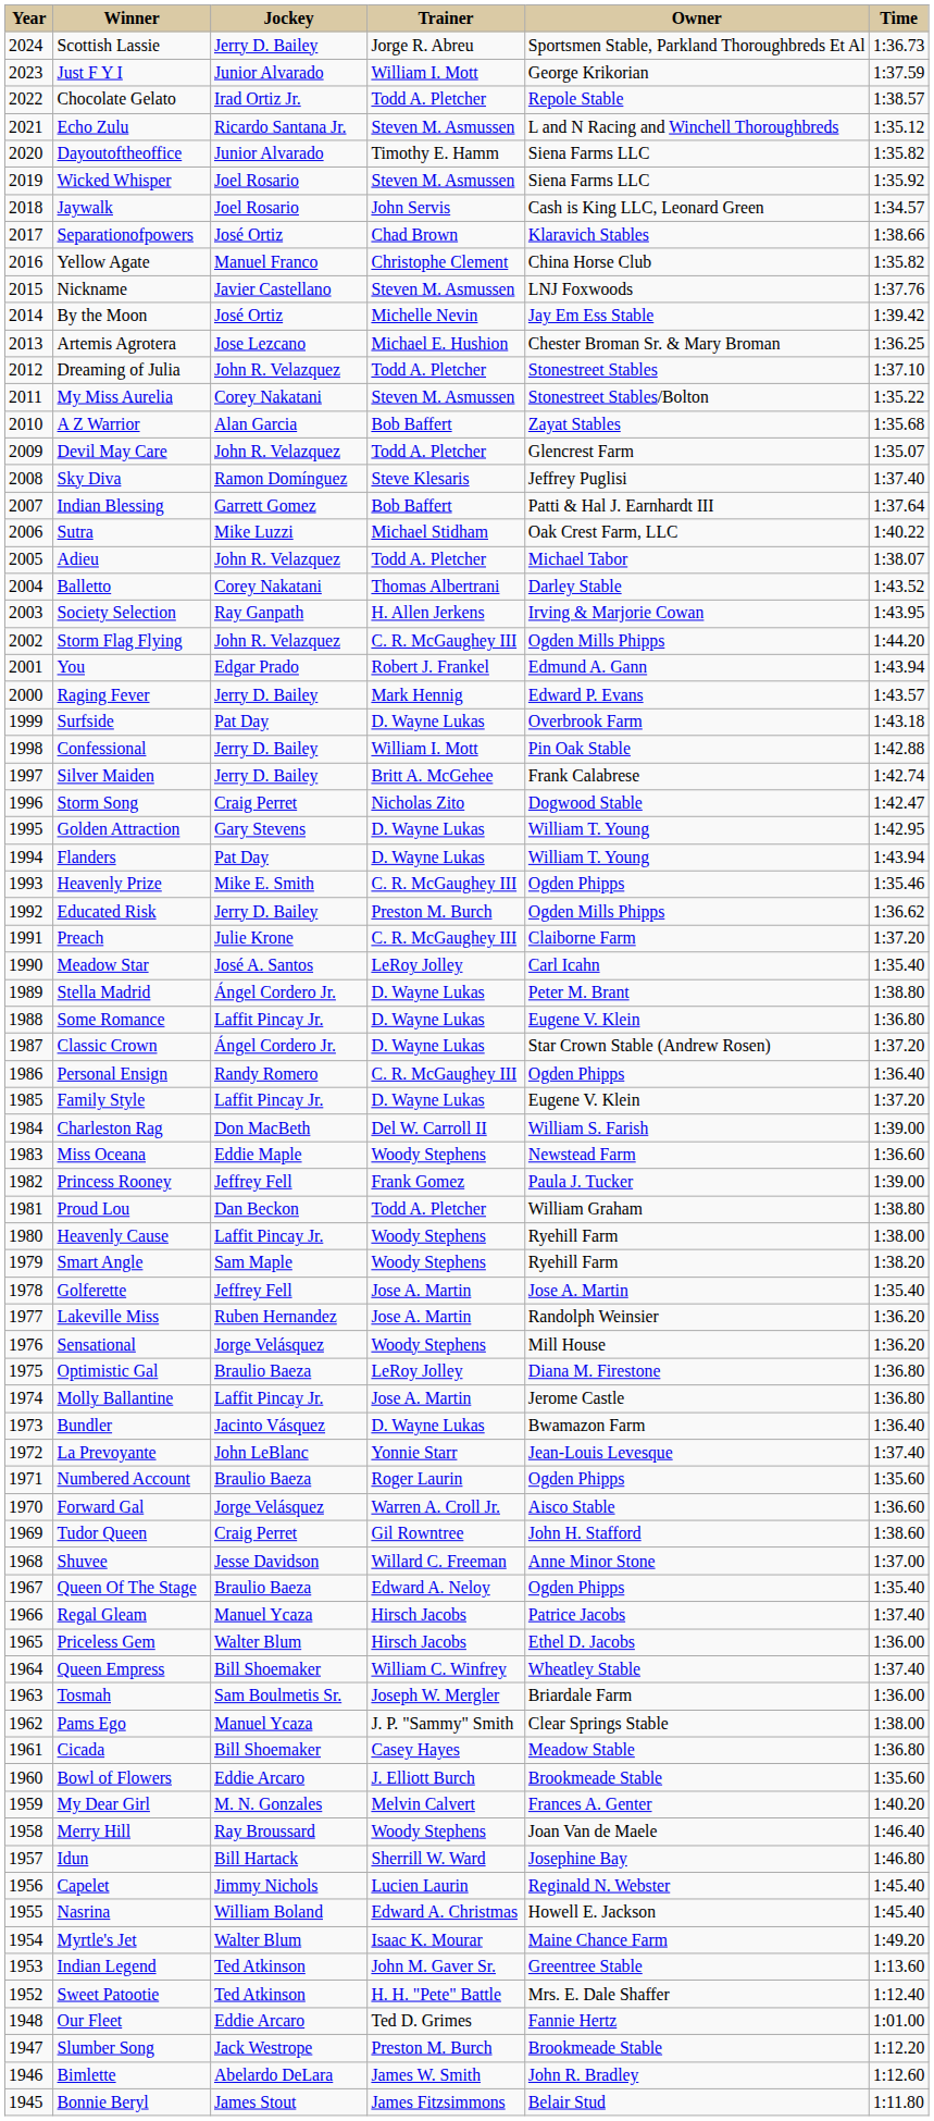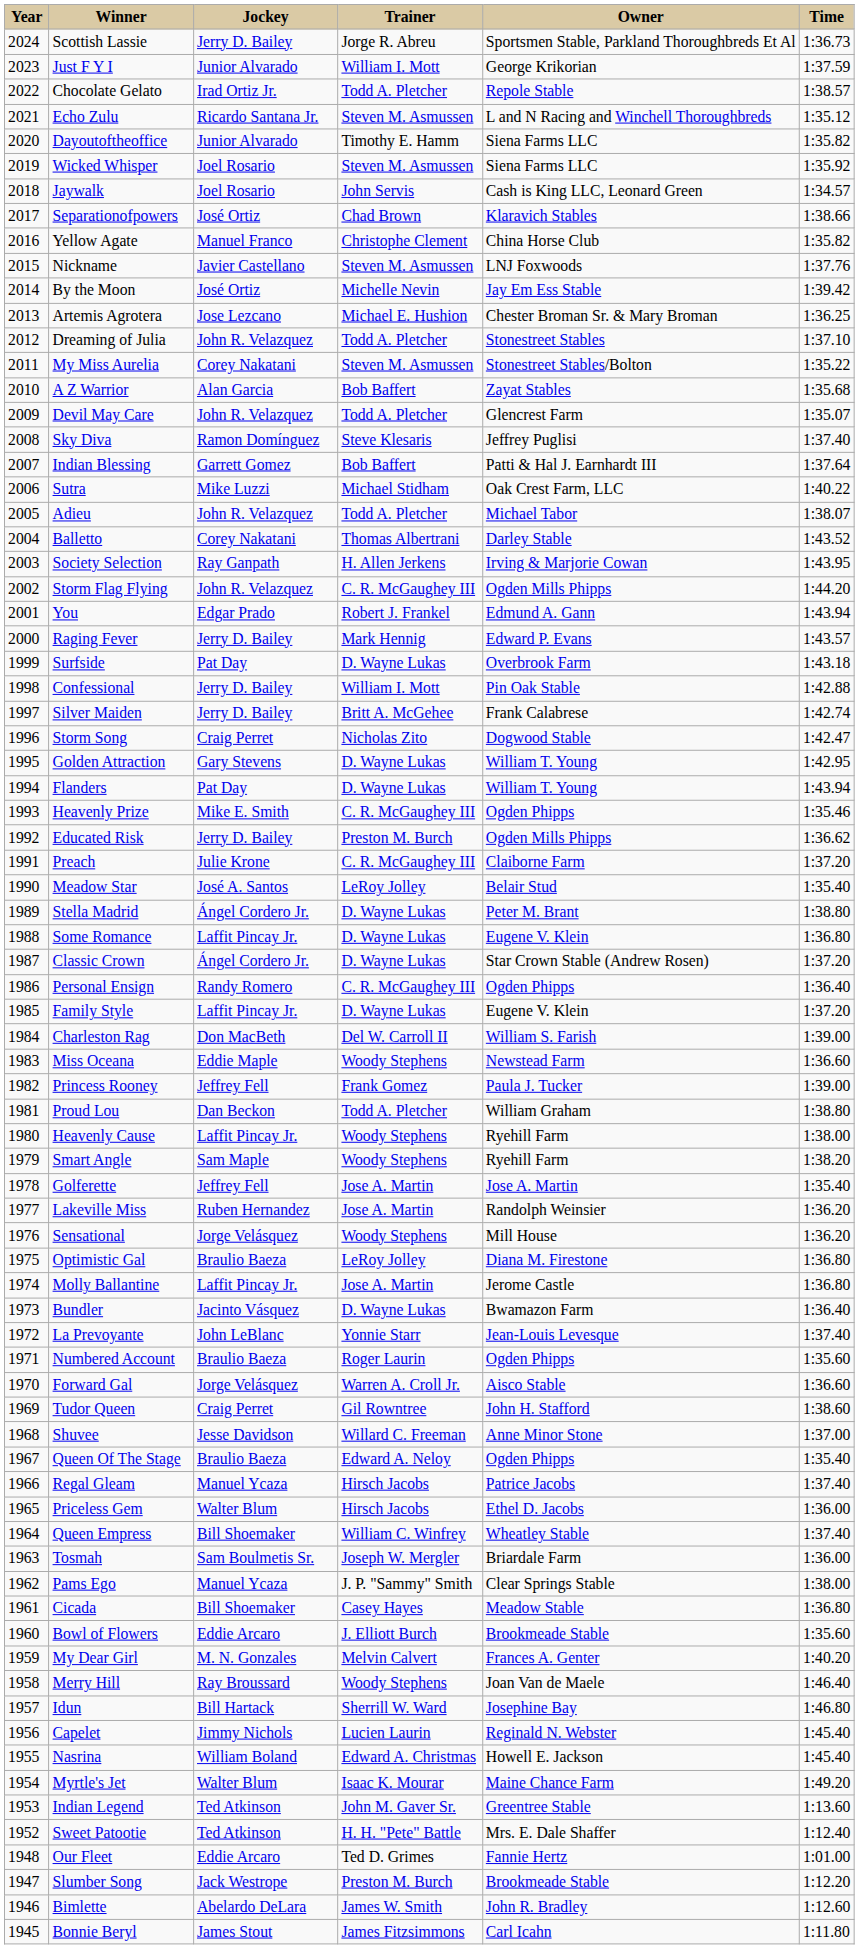 <table class="wikitable sortable">
 <tr>
 <th style="background-color:#DACAA5; width:38px">Year</th>
 <th style="background-color:#DACAA5; width:140px">Winner</th>
 <th style="background-color:#DACAA5; width:140px">Jockey</th>
 <th style="background-color:#DACAA5; width:140px">Trainer</th>
 <th style="background-color:#DACAA5;">Owner</th>
 <th style="background-color:#DACAA5; width:25px">Time</th>
 </tr>
 <tr>
 <td>2024</td>
 <td>Scottish Lassie</td>
 <td><a href='#'>Jerry D. Bailey</a></td>
 <td>Jorge R. Abreu</td>
 <td>Sportsmen Stable, Parkland Thoroughbreds Et Al</td>
 <td>1:36.73</td>
 </tr>
 <tr>
 <td>2023</td>
 <td><a href='#'>Just F Y I</a></td>
 <td><a href='#'>Junior Alvarado</a></td>
 <td><a href='#'>William I. Mott</a></td>
 <td>George Krikorian</td>
 <td>1:37.59</td>
 </tr>
 <tr>
 <td>2022</td>
 <td>Chocolate Gelato</td>
 <td><a href='#'>Irad Ortiz Jr.</a></td>
 <td><a href='#'>Todd A. Pletcher</a></td>
 <td><a href='#'>Repole Stable</a></td>
 <td>1:38.57</td>
 </tr>
 <tr>
 <td>2021</td>
 <td><a href='#'>Echo Zulu</a></td>
 <td><a href='#'>Ricardo Santana Jr.</a></td>
 <td><a href='#'>Steven M. Asmussen</a></td>
 <td>L and N Racing and <a href='#'>Winchell Thoroughbreds</a></td>
 <td>1:35.12</td>
 </tr>
 <tr>
 <td>2020</td>
 <td><a href='#'>Dayoutoftheoffice</a></td>
 <td><a href='#'>Junior Alvarado</a></td>
 <td>Timothy E. Hamm</td>
 <td>Siena Farms LLC</td>
 <td>1:35.82</td>
 </tr>
 <tr>
 <td>2019</td>
 <td><a href='#'>Wicked Whisper</a></td>
 <td><a href='#'>Joel Rosario</a></td>
 <td><a href='#'>Steven M. Asmussen</a></td>
 <td>Siena Farms LLC</td>
 <td>1:35.92</td>
 </tr>
 <tr>
 <td>2018</td>
 <td><a href='#'>Jaywalk</a></td>
 <td><a href='#'>Joel Rosario</a></td>
 <td><a href='#'>John Servis</a></td>
 <td>Cash is King LLC, Leonard Green</td>
 <td>1:34.57</td>
 </tr>
 <tr>
 <td>2017</td>
 <td><a href='#'>Separationofpowers</a></td>
 <td><a href='#'>José Ortiz</a></td>
 <td><a href='#'>Chad Brown</a></td>
 <td><a href='#'>Klaravich Stables</a></td>
 <td>1:38.66</td>
 </tr>
 <tr>
 <td>2016</td>
 <td>Yellow Agate</td>
 <td><a href='#'>Manuel Franco</a></td>
 <td><a href='#'>Christophe Clement</a></td>
 <td>China Horse Club</td>
 <td>1:35.82</td>
 </tr>
 <tr>
 <td>2015</td>
 <td>Nickname</td>
 <td><a href='#'>Javier Castellano</a></td>
 <td><a href='#'>Steven M. Asmussen</a></td>
 <td>LNJ Foxwoods</td>
 <td>1:37.76</td>
 </tr>
 <tr>
 <td>2014</td>
 <td>By the Moon</td>
 <td><a href='#'>José Ortiz</a></td>
 <td><a href='#'>Michelle Nevin</a></td>
 <td><a href='#'>Jay Em Ess Stable</a></td>
 <td>1:39.42</td>
 </tr>
 <tr>
 <td>2013</td>
 <td>Artemis Agrotera</td>
 <td><a href='#'>Jose Lezcano</a></td>
 <td><a href='#'>Michael E. Hushion</a></td>
 <td>Chester Broman Sr. & Mary Broman</td>
 <td>1:36.25</td>
 </tr>
 <tr>
 <td>2012</td>
 <td>Dreaming of Julia</td>
 <td><a href='#'>John R. Velazquez</a></td>
 <td><a href='#'>Todd A. Pletcher</a></td>
 <td><a href='#'>Stonestreet Stables</a></td>
 <td>1:37.10</td>
 </tr>
 <tr>
 <td>2011</td>
 <td><a href='#'>My Miss Aurelia</a></td>
 <td><a href='#'>Corey Nakatani</a></td>
 <td><a href='#'>Steven M. Asmussen</a></td>
 <td><a href='#'>Stonestreet Stables</a>/Bolton</td>
 <td>1:35.22</td>
 </tr>
 <tr>
 <td>2010</td>
 <td><a href='#'>A Z Warrior</a></td>
 <td><a href='#'>Alan Garcia</a></td>
 <td><a href='#'>Bob Baffert</a></td>
 <td><a href='#'>Zayat Stables</a></td>
 <td>1:35.68</td>
 </tr>
 <tr>
 <td>2009</td>
 <td><a href='#'>Devil May Care</a></td>
 <td><a href='#'>John R. Velazquez</a></td>
 <td><a href='#'>Todd A. Pletcher</a></td>
 <td>Glencrest Farm</td>
 <td>1:35.07</td>
 </tr>
 <tr>
 <td>2008</td>
 <td><a href='#'>Sky Diva</a></td>
 <td><a href='#'>Ramon Domínguez</a></td>
 <td><a href='#'>Steve Klesaris</a></td>
 <td>Jeffrey Puglisi</td>
 <td>1:37.40</td>
 </tr>
 <tr>
 <td>2007</td>
 <td><a href='#'>Indian Blessing</a></td>
 <td><a href='#'>Garrett Gomez</a></td>
 <td><a href='#'>Bob Baffert</a></td>
 <td>Patti & Hal J. Earnhardt III</td>
 <td>1:37.64</td>
 </tr>
 <tr>
 <td>2006</td>
 <td><a href='#'>Sutra</a></td>
 <td><a href='#'>Mike Luzzi</a></td>
 <td><a href='#'>Michael Stidham</a></td>
 <td>Oak Crest Farm, LLC</td>
 <td>1:40.22</td>
 </tr>
 <tr>
 <td>2005</td>
 <td><a href='#'>Adieu</a></td>
 <td><a href='#'>John R. Velazquez</a></td>
 <td><a href='#'>Todd A. Pletcher</a></td>
 <td><a href='#'>Michael Tabor</a></td>
 <td>1:38.07</td>
 </tr>
 <tr>
 <td>2004</td>
 <td><a href='#'>Balletto</a></td>
 <td><a href='#'>Corey Nakatani</a></td>
 <td><a href='#'>Thomas Albertrani</a></td>
 <td><a href='#'>Darley Stable</a></td>
 <td>1:43.52</td>
 </tr>
 <tr>
 <td>2003</td>
 <td><a href='#'>Society Selection</a></td>
 <td><a href='#'>Ray Ganpath</a></td>
 <td><a href='#'>H. Allen Jerkens</a></td>
 <td><a href='#'>Irving & Marjorie Cowan</a></td>
 <td>1:43.95</td>
 </tr>
 <tr>
 <td>2002</td>
 <td><a href='#'>Storm Flag Flying</a></td>
 <td><a href='#'>John R. Velazquez</a></td>
 <td><a href='#'>C. R. McGaughey III</a></td>
 <td><a href='#'>Ogden Mills Phipps</a></td>
 <td>1:44.20</td>
 </tr>
 <tr>
 <td>2001</td>
 <td><a href='#'>You</a></td>
 <td><a href='#'>Edgar Prado</a></td>
 <td><a href='#'>Robert J. Frankel</a></td>
 <td><a href='#'>Edmund A. Gann</a></td>
 <td>1:43.94</td>
 </tr>
 <tr>
 <td>2000</td>
 <td><a href='#'>Raging Fever</a></td>
 <td><a href='#'>Jerry D. Bailey</a></td>
 <td><a href='#'>Mark Hennig</a></td>
 <td><a href='#'>Edward P. Evans</a></td>
 <td>1:43.57</td>
 </tr>
 <tr>
 <td>1999</td>
 <td><a href='#'>Surfside</a></td>
 <td><a href='#'>Pat Day</a></td>
 <td><a href='#'>D. Wayne Lukas</a></td>
 <td><a href='#'>Overbrook Farm</a></td>
 <td>1:43.18</td>
 </tr>
 <tr>
 <td>1998</td>
 <td><a href='#'>Confessional</a></td>
 <td><a href='#'>Jerry D. Bailey</a></td>
 <td><a href='#'>William I. Mott</a></td>
 <td><a href='#'>Pin Oak Stable</a></td>
 <td>1:42.88</td>
 </tr>
 <tr>
 <td>1997</td>
 <td><a href='#'>Silver Maiden</a></td>
 <td><a href='#'>Jerry D. Bailey</a></td>
 <td><a href='#'>Britt A. McGehee</a></td>
 <td>Frank Calabrese</td>
 <td>1:42.74</td>
 </tr>
 <tr>
 <td>1996</td>
 <td><a href='#'>Storm Song</a></td>
 <td><a href='#'>Craig Perret</a></td>
 <td><a href='#'>Nicholas Zito</a></td>
 <td><a href='#'>Dogwood Stable</a></td>
 <td>1:42.47</td>
 </tr>
 <tr>
 <td>1995</td>
 <td><a href='#'>Golden Attraction</a></td>
 <td><a href='#'>Gary Stevens</a></td>
 <td><a href='#'>D. Wayne Lukas</a></td>
 <td><a href='#'>William T. Young</a></td>
 <td>1:42.95</td>
 </tr>
 <tr>
 <td>1994</td>
 <td><a href='#'>Flanders</a></td>
 <td><a href='#'>Pat Day</a></td>
 <td><a href='#'>D. Wayne Lukas</a></td>
 <td><a href='#'>William T. Young</a></td>
 <td>1:43.94</td>
 </tr>
 <tr>
 <td>1993</td>
 <td><a href='#'>Heavenly Prize</a></td>
 <td><a href='#'>Mike E. Smith</a></td>
 <td><a href='#'>C. R. McGaughey III</a></td>
 <td><a href='#'>Ogden Phipps</a></td>
 <td>1:35.46</td>
 </tr>
 <tr>
 <td>1992</td>
 <td><a href='#'>Educated Risk</a></td>
 <td><a href='#'>Jerry D. Bailey</a></td>
 <td><a href='#'>Preston M. Burch</a></td>
 <td><a href='#'>Ogden Mills Phipps</a></td>
 <td>1:36.62</td>
 </tr>
 <tr>
 <td>1991</td>
 <td><a href='#'>Preach</a></td>
 <td><a href='#'>Julie Krone</a></td>
 <td><a href='#'>C. R. McGaughey III</a></td>
 <td><a href='#'>Claiborne Farm</a></td>
 <td>1:37.20</td>
 </tr>
 <tr>
 <td>1990</td>
 <td><a href='#'>Meadow Star</a></td>
 <td><a href='#'>José A. Santos</a></td>
 <td><a href='#'>LeRoy Jolley</a></td>
-<td><a href='#'>Carl Icahn</a></td>
+<td><a href='#'>Belair Stud</a></td>
 <td>1:35.40</td>
 </tr>
 <tr>
 <td>1989</td>
 <td><a href='#'>Stella Madrid</a></td>
 <td><a href='#'>Ángel Cordero Jr.</a></td>
 <td><a href='#'>D. Wayne Lukas</a></td>
 <td><a href='#'>Peter M. Brant</a></td>
 <td>1:38.80</td>
 </tr>
 <tr>
 <td>1988</td>
 <td><a href='#'>Some Romance</a></td>
 <td><a href='#'>Laffit Pincay Jr.</a></td>
 <td><a href='#'>D. Wayne Lukas</a></td>
 <td><a href='#'>Eugene V. Klein</a></td>
 <td>1:36.80</td>
 </tr>
 <tr>
 <td>1987</td>
 <td><a href='#'>Classic Crown</a></td>
 <td><a href='#'>Ángel Cordero Jr.</a></td>
 <td><a href='#'>D. Wayne Lukas</a></td>
 <td>Star Crown Stable (Andrew Rosen)</td>
 <td>1:37.20</td>
 </tr>
 <tr>
 <td>1986</td>
 <td><a href='#'>Personal Ensign</a></td>
 <td><a href='#'>Randy Romero</a></td>
 <td><a href='#'>C. R. McGaughey III</a></td>
 <td><a href='#'>Ogden Phipps</a></td>
 <td>1:36.40</td>
 </tr>
 <tr>
 <td>1985</td>
 <td><a href='#'>Family Style</a></td>
 <td><a href='#'>Laffit Pincay Jr.</a></td>
 <td><a href='#'>D. Wayne Lukas</a></td>
 <td>Eugene V. Klein</td>
 <td>1:37.20</td>
 </tr>
 <tr>
 <td>1984</td>
 <td><a href='#'>Charleston Rag</a></td>
 <td><a href='#'>Don MacBeth</a></td>
 <td><a href='#'>Del W. Carroll II</a></td>
 <td><a href='#'>William S. Farish</a></td>
 <td>1:39.00</td>
 </tr>
 <tr>
 <td>1983</td>
 <td><a href='#'>Miss Oceana</a></td>
 <td><a href='#'>Eddie Maple</a></td>
 <td><a href='#'>Woody Stephens</a></td>
 <td><a href='#'>Newstead Farm</a></td>
 <td>1:36.60</td>
 </tr>
 <tr>
 <td>1982</td>
 <td><a href='#'>Princess Rooney</a></td>
 <td><a href='#'>Jeffrey Fell</a></td>
 <td><a href='#'>Frank Gomez</a></td>
 <td><a href='#'>Paula J. Tucker</a></td>
 <td>1:39.00</td>
 </tr>
 <tr>
 <td>1981</td>
 <td><a href='#'>Proud Lou</a></td>
 <td><a href='#'>Dan Beckon</a></td>
 <td><a href='#'>Todd A. Pletcher</a></td>
 <td>William Graham</td>
 <td>1:38.80</td>
 </tr>
 <tr>
 <td>1980</td>
 <td><a href='#'>Heavenly Cause</a></td>
 <td><a href='#'>Laffit Pincay Jr.</a></td>
 <td><a href='#'>Woody Stephens</a></td>
 <td>Ryehill Farm</td>
 <td>1:38.00</td>
 </tr>
 <tr>
 <td>1979</td>
 <td><a href='#'>Smart Angle</a></td>
 <td><a href='#'>Sam Maple</a></td>
 <td><a href='#'>Woody Stephens</a></td>
 <td>Ryehill Farm</td>
 <td>1:38.20</td>
 </tr>
 <tr>
 <td>1978</td>
 <td><a href='#'>Golferette</a></td>
 <td><a href='#'>Jeffrey Fell</a></td>
 <td><a href='#'>Jose A. Martin</a></td>
 <td><a href='#'>Jose A. Martin</a></td>
 <td>1:35.40</td>
 </tr>
 <tr>
 <td>1977</td>
 <td><a href='#'>Lakeville Miss</a></td>
 <td><a href='#'>Ruben Hernandez</a></td>
 <td><a href='#'>Jose A. Martin</a></td>
 <td>Randolph Weinsier</td>
 <td>1:36.20</td>
 </tr>
 <tr>
 <td>1976</td>
 <td><a href='#'>Sensational</a></td>
 <td><a href='#'>Jorge Velásquez</a></td>
 <td><a href='#'>Woody Stephens</a></td>
 <td>Mill House</td>
 <td>1:36.20</td>
 </tr>
 <tr>
 <td>1975</td>
 <td><a href='#'>Optimistic Gal</a></td>
 <td><a href='#'>Braulio Baeza</a></td>
 <td><a href='#'>LeRoy Jolley</a></td>
 <td><a href='#'>Diana M. Firestone</a></td>
 <td>1:36.80</td>
 </tr>
 <tr>
 <td>1974</td>
 <td><a href='#'>Molly Ballantine</a></td>
 <td><a href='#'>Laffit Pincay Jr.</a></td>
 <td><a href='#'>Jose A. Martin</a></td>
 <td>Jerome Castle</td>
 <td>1:36.80</td>
 </tr>
 <tr>
 <td>1973</td>
 <td><a href='#'>Bundler</a></td>
 <td><a href='#'>Jacinto Vásquez</a></td>
 <td><a href='#'>D. Wayne Lukas</a></td>
 <td>Bwamazon Farm</td>
 <td>1:36.40</td>
 </tr>
 <tr>
 <td>1972</td>
 <td><a href='#'>La Prevoyante</a></td>
 <td><a href='#'>John LeBlanc</a></td>
 <td><a href='#'>Yonnie Starr</a></td>
 <td><a href='#'>Jean-Louis Levesque</a></td>
 <td>1:37.40</td>
 </tr>
 <tr>
 <td>1971</td>
 <td><a href='#'>Numbered Account</a></td>
 <td><a href='#'>Braulio Baeza</a></td>
 <td><a href='#'>Roger Laurin</a></td>
 <td><a href='#'>Ogden Phipps</a></td>
 <td>1:35.60</td>
 </tr>
 <tr>
 <td>1970</td>
 <td><a href='#'>Forward Gal</a></td>
 <td><a href='#'>Jorge Velásquez</a></td>
 <td><a href='#'>Warren A. Croll Jr.</a></td>
 <td><a href='#'>Aisco Stable</a></td>
 <td>1:36.60</td>
 </tr>
 <tr>
 <td>1969</td>
 <td><a href='#'>Tudor Queen</a></td>
 <td><a href='#'>Craig Perret</a></td>
 <td><a href='#'>Gil Rowntree</a></td>
 <td><a href='#'>John H. Stafford</a></td>
 <td>1:38.60</td>
 </tr>
 <tr>
 <td>1968</td>
 <td><a href='#'>Shuvee</a></td>
 <td><a href='#'>Jesse Davidson</a></td>
 <td><a href='#'>Willard C. Freeman</a></td>
 <td><a href='#'>Anne Minor Stone</a></td>
 <td>1:37.00</td>
 </tr>
 <tr>
 <td>1967</td>
 <td><a href='#'>Queen Of The Stage</a></td>
 <td><a href='#'>Braulio Baeza</a></td>
 <td><a href='#'>Edward A. Neloy</a></td>
 <td><a href='#'>Ogden Phipps</a></td>
 <td>1:35.40</td>
 </tr>
 <tr>
 <td>1966</td>
 <td><a href='#'>Regal Gleam</a></td>
 <td><a href='#'>Manuel Ycaza</a></td>
 <td><a href='#'>Hirsch Jacobs</a></td>
 <td><a href='#'>Patrice Jacobs</a></td>
 <td>1:37.40</td>
 </tr>
 <tr>
 <td>1965</td>
 <td><a href='#'>Priceless Gem</a></td>
 <td><a href='#'>Walter Blum</a></td>
 <td><a href='#'>Hirsch Jacobs</a></td>
 <td><a href='#'>Ethel D. Jacobs</a></td>
 <td>1:36.00</td>
 </tr>
 <tr>
 <td>1964</td>
 <td><a href='#'>Queen Empress</a></td>
 <td><a href='#'>Bill Shoemaker</a></td>
 <td><a href='#'>William C. Winfrey</a></td>
 <td><a href='#'>Wheatley Stable</a></td>
 <td>1:37.40</td>
 </tr>
 <tr>
 <td>1963</td>
 <td><a href='#'>Tosmah</a></td>
 <td><a href='#'>Sam Boulmetis Sr.</a></td>
 <td><a href='#'>Joseph W. Mergler</a></td>
 <td>Briardale Farm</td>
 <td>1:36.00</td>
 </tr>
 <tr>
 <td>1962</td>
 <td><a href='#'>Pams Ego</a></td>
 <td><a href='#'>Manuel Ycaza</a></td>
 <td>J. P. "Sammy" Smith</td>
 <td>Clear Springs Stable</td>
 <td>1:38.00</td>
 </tr>
 <tr>
 <td>1961</td>
 <td><a href='#'>Cicada</a></td>
 <td><a href='#'>Bill Shoemaker</a></td>
 <td><a href='#'>Casey Hayes</a></td>
 <td><a href='#'>Meadow Stable</a></td>
 <td>1:36.80</td>
 </tr>
 <tr>
 <td>1960</td>
 <td><a href='#'>Bowl of Flowers</a></td>
 <td><a href='#'>Eddie Arcaro</a></td>
 <td><a href='#'>J. Elliott Burch</a></td>
 <td><a href='#'>Brookmeade Stable</a></td>
 <td>1:35.60</td>
 </tr>
 <tr>
 <td>1959</td>
 <td><a href='#'>My Dear Girl</a></td>
 <td><a href='#'>M. N. Gonzales</a></td>
 <td><a href='#'>Melvin Calvert</a></td>
 <td><a href='#'>Frances A. Genter</a></td>
 <td>1:40.20</td>
 </tr>
 <tr>
 <td>1958</td>
 <td><a href='#'>Merry Hill</a></td>
 <td><a href='#'>Ray Broussard</a></td>
 <td><a href='#'>Woody Stephens</a></td>
 <td>Joan Van de Maele</td>
 <td>1:46.40</td>
 </tr>
 <tr>
 <td>1957</td>
 <td><a href='#'>Idun</a></td>
 <td><a href='#'>Bill Hartack</a></td>
 <td><a href='#'>Sherrill W. Ward</a></td>
 <td><a href='#'>Josephine Bay</a></td>
 <td>1:46.80</td>
 </tr>
 <tr>
 <td>1956</td>
 <td><a href='#'>Capelet</a></td>
 <td><a href='#'>Jimmy Nichols</a></td>
 <td><a href='#'>Lucien Laurin</a></td>
 <td><a href='#'>Reginald N. Webster</a></td>
 <td>1:45.40</td>
 </tr>
 <tr>
 <td>1955</td>
 <td><a href='#'>Nasrina</a></td>
 <td><a href='#'>William Boland</a></td>
 <td><a href='#'>Edward A. Christmas</a></td>
 <td>Howell E. Jackson</td>
 <td>1:45.40</td>
 </tr>
 <tr>
 <td>1954</td>
 <td><a href='#'>Myrtle's Jet</a></td>
 <td><a href='#'>Walter Blum</a></td>
 <td><a href='#'>Isaac K. Mourar</a></td>
 <td><a href='#'>Maine Chance Farm</a></td>
 <td>1:49.20</td>
 </tr>
 <tr>
 <td>1953</td>
 <td><a href='#'>Indian Legend</a></td>
 <td><a href='#'>Ted Atkinson</a></td>
 <td><a href='#'>John M. Gaver Sr.</a></td>
 <td><a href='#'>Greentree Stable</a></td>
 <td>1:13.60</td>
 </tr>
 <tr>
 <td>1952</td>
 <td><a href='#'>Sweet Patootie</a></td>
 <td><a href='#'>Ted Atkinson</a></td>
 <td><a href='#'>H. H. "Pete" Battle</a></td>
 <td>Mrs. E. Dale Shaffer</td>
 <td>1:12.40</td>
 </tr>
 <tr>
 <td>1948</td>
 <td><a href='#'>Our Fleet</a></td>
 <td><a href='#'>Eddie Arcaro</a></td>
 <td>Ted D. Grimes</td>
 <td><a href='#'>Fannie Hertz</a></td>
 <td>1:01.00</td>
 </tr>
 <tr>
 <td>1947</td>
 <td><a href='#'>Slumber Song</a></td>
 <td><a href='#'>Jack Westrope</a></td>
 <td><a href='#'>Preston M. Burch</a></td>
 <td><a href='#'>Brookmeade Stable</a></td>
 <td>1:12.20</td>
 </tr>
 <tr>
 <td>1946</td>
 <td><a href='#'>Bimlette</a></td>
 <td><a href='#'>Abelardo DeLara</a></td>
 <td><a href='#'>James W. Smith</a></td>
 <td><a href='#'>John R. Bradley</a></td>
 <td>1:12.60</td>
 </tr>
 <tr>
 <td>1945</td>
 <td><a href='#'>Bonnie Beryl</a></td>
 <td><a href='#'>James Stout</a></td>
 <td><a href='#'>James Fitzsimmons</a></td>
-<td><a href='#'>Belair Stud</a></td>
+<td><a href='#'>Carl Icahn</a></td>
 <td>1:11.80</td>
 </tr>
 </table>
